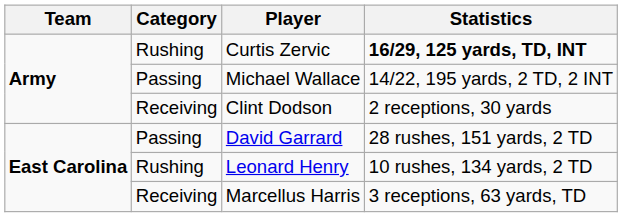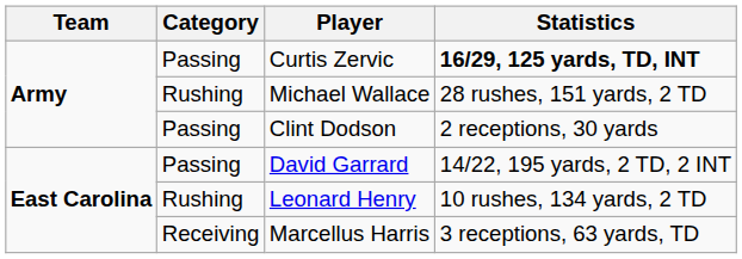 <table class="wikitable" style="float: right;">
 <tr>
 <th>Team</th>
 <th>Category</th>
 <th>Player</th>
 <th>Statistics</th>
 </tr>
 <tr>
 <td rowspan=3><strong>Army</strong></td>
-<td>Rushing</td>
+<td>Passing</td>
 <td>Curtis Zervic</td>
 <td><strong>16/29, 125 yards, TD, INT</strong></td>
 </tr>
 <tr>
-<td>Passing</td>
+<td>Rushing</td>
 <td>Michael Wallace</td>
-<td>14/22, 195 yards, 2 TD, 2 INT</td>
+<td>28 rushes, 151 yards, 2 TD</td>
 </tr>
 <tr>
-<td>Receiving</td>
+<td>Passing</td>
 <td>Clint Dodson</td>
 <td>2 receptions, 30 yards</td>
 </tr>
 <tr>
 <td rowspan=3><strong>East Carolina</strong></td>
 <td>Passing</td>
 <td><a href='#'>David Garrard</a></td>
-<td>28 rushes, 151 yards, 2 TD</td>
+<td>14/22, 195 yards, 2 TD, 2 INT</td>
 </tr>
 <tr>
 <td>Rushing</td>
 <td><a href='#'>Leonard Henry</a></td>
 <td>10 rushes, 134 yards, 2 TD</td>
 </tr>
 <tr>
 <td>Receiving</td>
 <td>Marcellus Harris</td>
 <td>3 receptions, 63 yards, TD</td>
 </tr>
 </table>
